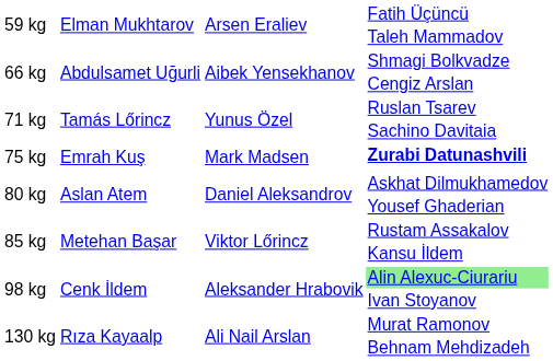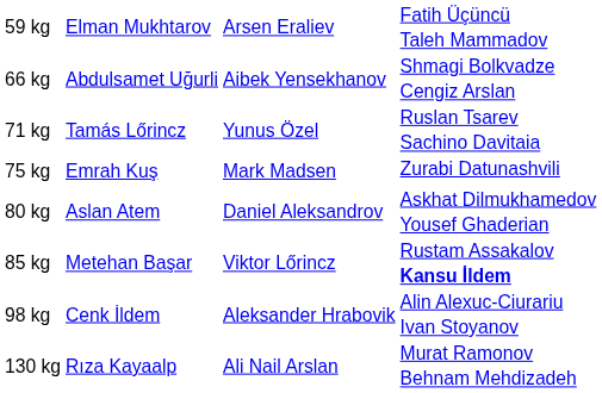 <table>
 <tr>
 <td rowspan=2>59 kg</td>
 <td rowspan=2> <a href='#'>Elman Mukhtarov</a></td>
 <td rowspan=2> <a href='#'>Arsen Eraliev</a></td>
 <td> <a href='#'>Fatih Üçüncü</a></td>
 </tr>
 <tr>
 <td> <a href='#'>Taleh Mammadov</a></td>
 </tr>
 <tr>
 <td rowspan=2>66 kg</td>
 <td rowspan=2> <a href='#'>Abdulsamet Uğurli</a></td>
 <td rowspan=2> <a href='#'>Aibek Yensekhanov</a></td>
 <td> <a href='#'>Shmagi Bolkvadze</a></td>
 </tr>
 <tr>
 <td> <a href='#'>Cengiz Arslan</a></td>
 </tr>
 <tr>
 <td rowspan=2>71 kg</td>
 <td rowspan=2> <a href='#'>Tamás Lőrincz</a></td>
 <td rowspan=2> <a href='#'>Yunus Özel</a></td>
 <td> <a href='#'>Ruslan Tsarev</a></td>
 </tr>
 <tr>
 <td> <a href='#'>Sachino Davitaia</a></td>
 </tr>
 <tr>
 <td rowspan=2>75 kg</td>
 <td rowspan=2> <a href='#'>Emrah Kuş</a></td>
 <td rowspan=2> <a href='#'>Mark Madsen</a></td>
-<td><strong> <a href='#'>Zurabi Datunashvili</a></strong></td>
+<td> <a href='#'>Zurabi Datunashvili</a></td>
 </tr>
 <tr>
 <td> </td>
 </tr>
 <tr>
 <td rowspan=2>80 kg</td>
 <td rowspan=2> <a href='#'>Aslan Atem</a></td>
 <td rowspan=2> <a href='#'>Daniel Aleksandrov</a></td>
 <td> <a href='#'>Askhat Dilmukhamedov</a></td>
 </tr>
 <tr>
 <td> <a href='#'>Yousef Ghaderian</a></td>
 </tr>
 <tr>
 <td rowspan=2>85 kg</td>
 <td rowspan=2> <a href='#'>Metehan Başar</a></td>
 <td rowspan=2> <a href='#'>Viktor Lőrincz</a></td>
 <td> <a href='#'>Rustam Assakalov</a></td>
 </tr>
 <tr>
-<td> <a href='#'>Kansu İldem</a></td>
+<td><strong> <a href='#'>Kansu İldem</a></strong></td>
 </tr>
 <tr>
 <td rowspan=2>98 kg</td>
 <td rowspan=2> <a href='#'>Cenk İldem</a></td>
 <td rowspan=2> <a href='#'>Aleksander Hrabovik</a></td>
-<td style="background: lightgreen;"> <a href='#'>Alin Alexuc-Ciurariu</a></td>
+<td> <a href='#'>Alin Alexuc-Ciurariu</a></td>
 </tr>
 <tr>
 <td> <a href='#'>Ivan Stoyanov</a></td>
 </tr>
 <tr>
 <td rowspan=2>130 kg</td>
 <td rowspan=2> <a href='#'>Rıza Kayaalp</a></td>
 <td rowspan=2> <a href='#'>Ali Nail Arslan</a></td>
 <td> <a href='#'>Murat Ramonov</a></td>
 </tr>
 <tr>
 <td> <a href='#'>Behnam Mehdizadeh</a></td>
 </tr>
 <tr>
 </tr>
 </table>
